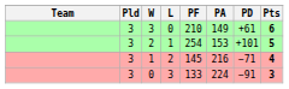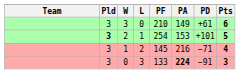 <table class=wikitable>
 <tr align=center>
 </tr>
 <tr>
 <th width=150>Team</th>
 <th width=20>Pld</th>
 <th width=20>W</th>
 <th width=20>L</th>
 <th width=30>PF</th>
 <th width=30>PA</th>
 <th width=30>PD</th>
 <th width=20>Pts</th>
 </tr>
 <tr align=center bgcolor=#aaffaa>
 <td align=left></td>
 <td>3</td>
 <td>3</td>
 <td>0</td>
 <td>210</td>
 <td>149</td>
 <td>+61</td>
 <td><strong>6</strong></td>
 </tr>
 <tr align=center bgcolor=#aaffaa>
 <td align=left></td>
-<td>3</td>
+<td><strong>3</strong></td>
 <td>2</td>
 <td>1</td>
 <td>254</td>
 <td>153</td>
 <td>+101</td>
 <td><strong>5</strong></td>
 </tr>
 <tr align=center bgcolor=#ffaaaa>
 <td align=left></td>
 <td>3</td>
 <td>1</td>
 <td>2</td>
 <td>145</td>
 <td>216</td>
 <td>−71</td>
 <td><strong>4</strong></td>
 </tr>
 <tr align=center bgcolor=#ffaaaa>
 <td align=left></td>
 <td>3</td>
 <td>0</td>
 <td>3</td>
 <td>133</td>
-<td>224</td>
+<td><strong>224</strong></td>
 <td>−91</td>
 <td><strong>3</strong></td>
 </tr>
 </table>
